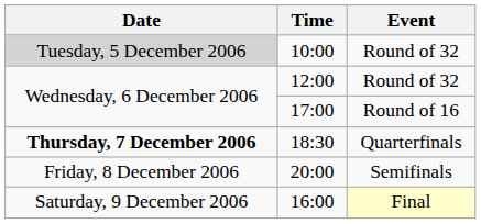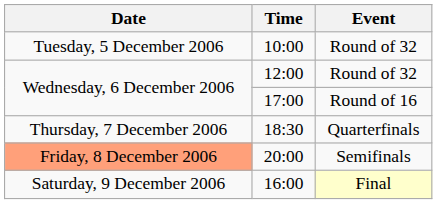 <table class = "wikitable" style="text-align:center;">
 <tr>
 <th width=220>Date</th>
 <th width=50>Time</th>
 <th width=100>Event</th>
 </tr>
 <tr>
-<td style="background: lightgrey;">Tuesday, 5 December 2006</td>
+<td>Tuesday, 5 December 2006</td>
 <td>10:00</td>
 <td>Round of 32</td>
 </tr>
 <tr>
 <td rowspan=2>Wednesday, 6 December 2006</td>
 <td>12:00</td>
 <td>Round of 32</td>
 </tr>
 <tr>
 <td>17:00</td>
 <td>Round of 16</td>
 </tr>
 <tr>
-<td><strong>Thursday, 7 December 2006</strong></td>
+<td>Thursday, 7 December 2006</td>
 <td>18:30</td>
 <td>Quarterfinals</td>
 </tr>
 <tr>
-<td>Friday, 8 December 2006</td>
+<td style="background: lightsalmon;">Friday, 8 December 2006</td>
 <td>20:00</td>
 <td>Semifinals</td>
 </tr>
 <tr>
 <td>Saturday, 9 December 2006</td>
 <td>16:00</td>
 <td bgcolor=ffffcc>Final</td>
 </tr>
 </table>
